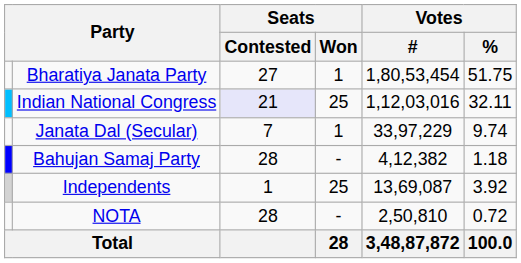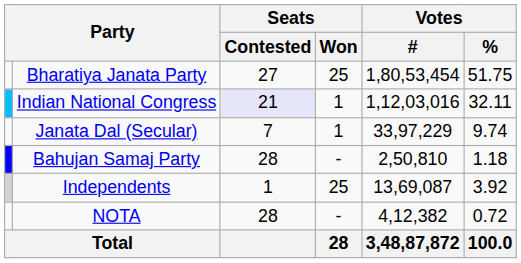 <table class="wikitable" style="text-align: center">
 <tr>
 <th rowspan=2 colspan=2>Party</th>
 <th colspan=2>Seats</th>
 <th colspan=2>Votes</th>
 </tr>
 <tr>
 <th>Contested</th>
 <th>Won</th>
 <th>#</th>
 <th>%</th>
 </tr>
 <tr>
 <td style="background:"></td>
 <td><a href='#'>Bharatiya Janata Party</a></td>
 <td>27</td>
-<td>1</td>
+<td>25</td>
 <td>1,80,53,454</td>
 <td>51.75</td>
 </tr>
 <tr>
 <td bgcolor=#00BFFF></td>
 <td><a href='#'>Indian National Congress</a></td>
 <td style="background: lavender;">21</td>
-<td>25</td>
+<td>1</td>
 <td>1,12,03,016</td>
 <td>32.11</td>
 </tr>
 <tr>
 <td Style="background:"></td>
 <td><a href='#'>Janata Dal (Secular)</a></td>
 <td>7</td>
 <td>1</td>
 <td>33,97,229</td>
 <td>9.74</td>
 </tr>
 <tr>
 <td bgcolor=blue></td>
 <td><a href='#'>Bahujan Samaj Party</a></td>
 <td>28</td>
 <td>-</td>
-<td>4,12,382</td>
+<td>2,50,810</td>
 <td>1.18</td>
 </tr>
 <tr>
 <td Bgcolor=lightgray></td>
 <td><a href='#'>Independents</a></td>
 <td>1</td>
 <td>25</td>
 <td>13,69,087</td>
 <td>3.92</td>
 </tr>
 <tr>
 <td></td>
 <td><a href='#'>NOTA</a></td>
 <td>28</td>
 <td>-</td>
-<td>2,50,810</td>
+<td>4,12,382</td>
 <td>0.72</td>
 </tr>
 <tr>
 <th colspan=2>Total</th>
 <th></th>
 <th>28</th>
 <th>3,48,87,872</th>
 <th>100.0</th>
 </tr>
 </table>
